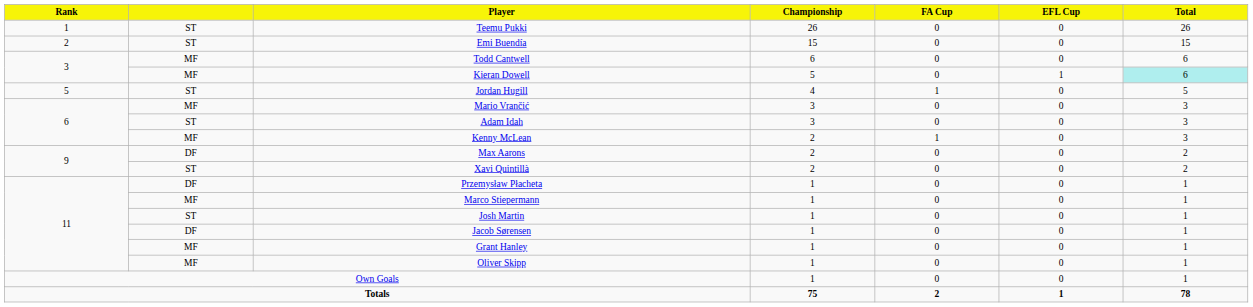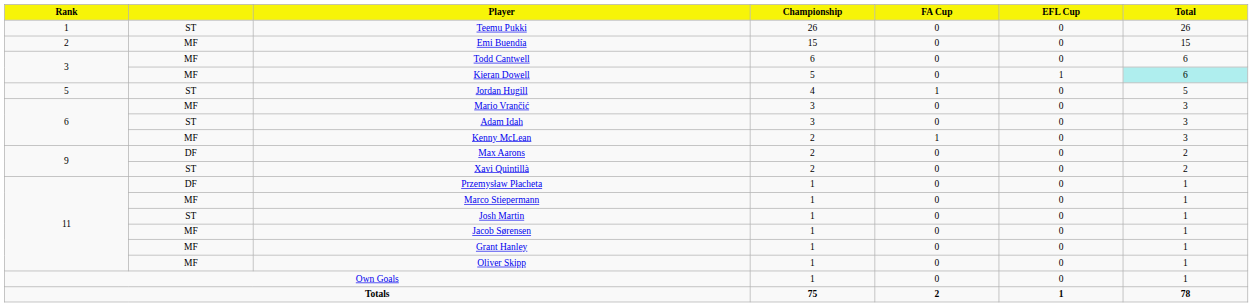 <table class="wikitable"  style="text-align:center; font-size:90%; width:95%;">
 <tr>
 <th style="background:#F7F408; color:#000000;  width:10%;">Rank</th>
 <th style="background:#F7F408; color:#000000;  width:10%;"></th>
 <th style="background:#F7F408; color:#000000; ">Player</th>
 <th style="background:#F7F408; color:#000000;  width:10%;">Championship</th>
 <th style="background:#F7F408; color:#000000;  width:10%;”">FA Cup</th>
 <th style="background:#F7F408; color:#000000;  width:10%;">EFL Cup</th>
 <th style="background:#F7F408; color:#000000;  width:10%;">Total</th>
 </tr>
 <tr>
 <td>1</td>
 <td>ST</td>
 <td><a href='#'>Teemu Pukki</a></td>
 <td>26</td>
 <td>0</td>
 <td>0</td>
 <td>26</td>
 </tr>
 <tr>
 <td>2</td>
-<td>ST</td>
+<td>MF</td>
 <td><a href='#'>Emi Buendía</a></td>
 <td>15</td>
 <td>0</td>
 <td>0</td>
 <td>15</td>
 </tr>
 <tr>
 <td rowspan=2>3</td>
 <td>MF</td>
 <td><a href='#'>Todd Cantwell</a></td>
 <td>6</td>
 <td>0</td>
 <td>0</td>
 <td>6</td>
 </tr>
 <tr>
 <td>MF</td>
 <td><a href='#'>Kieran Dowell</a></td>
 <td>5</td>
 <td>0</td>
 <td>1</td>
 <td style="background: paleturquoise;">6</td>
 </tr>
 <tr>
 <td>5</td>
 <td>ST</td>
 <td><a href='#'>Jordan Hugill</a></td>
 <td>4</td>
 <td>1</td>
 <td>0</td>
 <td>5</td>
 </tr>
 <tr>
 <td rowspan=3>6</td>
 <td>MF</td>
 <td><a href='#'>Mario Vrančić</a></td>
 <td>3</td>
 <td>0</td>
 <td>0</td>
 <td>3</td>
 </tr>
 <tr>
 <td>ST</td>
 <td><a href='#'>Adam Idah</a></td>
 <td>3</td>
 <td>0</td>
 <td>0</td>
 <td>3</td>
 </tr>
 <tr>
 <td>MF</td>
 <td><a href='#'>Kenny McLean</a></td>
 <td>2</td>
 <td>1</td>
 <td>0</td>
 <td>3</td>
 </tr>
 <tr>
 <td rowspan=2>9</td>
 <td>DF</td>
 <td><a href='#'>Max Aarons</a></td>
 <td>2</td>
 <td>0</td>
 <td>0</td>
 <td>2</td>
 </tr>
 <tr>
 <td>ST</td>
 <td><a href='#'>Xavi Quintillà</a></td>
 <td>2</td>
 <td>0</td>
 <td>0</td>
 <td>2</td>
 </tr>
 <tr>
 <td rowspan=6>11</td>
 <td>DF</td>
 <td><a href='#'>Przemysław Płacheta</a></td>
 <td>1</td>
 <td>0</td>
 <td>0</td>
 <td>1</td>
 </tr>
 <tr>
 <td>MF</td>
 <td><a href='#'>Marco Stiepermann</a></td>
 <td>1</td>
 <td>0</td>
 <td>0</td>
 <td>1</td>
 </tr>
 <tr>
 <td>ST</td>
 <td><a href='#'>Josh Martin</a></td>
 <td>1</td>
 <td>0</td>
 <td>0</td>
 <td>1</td>
 </tr>
 <tr>
-<td>DF</td>
+<td>MF</td>
 <td><a href='#'>Jacob Sørensen</a></td>
 <td>1</td>
 <td>0</td>
 <td>0</td>
 <td>1</td>
 </tr>
 <tr>
 <td>MF</td>
 <td><a href='#'>Grant Hanley</a></td>
 <td>1</td>
 <td>0</td>
 <td>0</td>
 <td>1</td>
 </tr>
 <tr>
 <td>MF</td>
 <td><a href='#'>Oliver Skipp</a></td>
 <td>1</td>
 <td>0</td>
 <td>0</td>
 <td>1</td>
 </tr>
 <tr>
 <td colspan="3"><a href='#'>Own Goals</a></td>
 <td>1</td>
 <td>0</td>
 <td>0</td>
 <td>1</td>
 </tr>
 <tr>
 <td colspan="3" style="text-align:center;"><strong>Totals</strong></td>
 <td><strong>75</strong></td>
 <td><strong>2</strong></td>
 <td><strong>1</strong></td>
 <td><strong>78</strong></td>
 </tr>
 </table>
